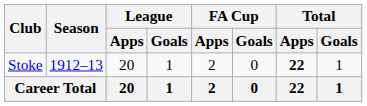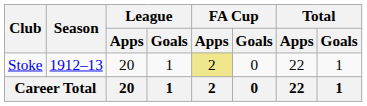 <table class="wikitable" style="text-align: center;">
 <tr>
 <th rowspan="2">Club</th>
 <th rowspan="2">Season</th>
 <th colspan="2">League</th>
 <th colspan="2">FA Cup</th>
 <th colspan="2">Total</th>
 </tr>
 <tr>
 <th>Apps</th>
 <th>Goals</th>
 <th>Apps</th>
 <th>Goals</th>
 <th>Apps</th>
 <th>Goals</th>
 </tr>
 <tr>
 <td><a href='#'>Stoke</a></td>
 <td><a href='#'>1912–13</a></td>
 <td>20</td>
 <td>1</td>
-<td>2</td>
+<td style="background: khaki;">2</td>
 <td>0</td>
-<td><strong>22</strong></td>
+<td>22</td>
 <td>1</td>
 </tr>
 <tr>
 <th colspan="2">Career Total</th>
 <th>20</th>
 <th>1</th>
 <th>2</th>
 <th>0</th>
 <th>22</th>
 <th>1</th>
 </tr>
 </table>
